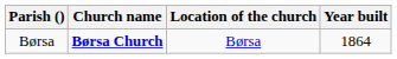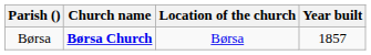 <table class="wikitable" style="text-align:center">
 <tr>
 <th>Parish ()</th>
 <th>Church name</th>
 <th>Location of the church</th>
 <th>Year built</th>
 </tr>
 <tr>
 <td rowspan="1">Børsa</td>
 <td><strong><a href='#'>Børsa Church</a></strong></td>
 <td><a href='#'>Børsa</a></td>
-<td>1864</td>
+<td>1857</td>
 </tr>
 </table>
